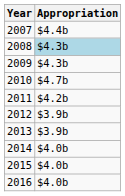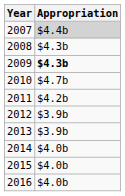 <table class="wikitable floatright">
 <tr>
 <th>Year</th>
 <th>Appropriation</th>
 </tr>
 <tr>
 <td>2007</td>
-<td>$4.4b</td>
+<td style="background: lightgrey;">$4.4b</td>
 </tr>
 <tr>
 <td>2008</td>
-<td style="background: lightblue;">$4.3b</td>
+<td>$4.3b</td>
 </tr>
 <tr>
 <td>2009</td>
-<td>$4.3b</td>
+<td><strong>$4.3b</strong></td>
 </tr>
 <tr>
 <td>2010</td>
 <td>$4.7b</td>
 </tr>
 <tr>
 <td>2011</td>
 <td>$4.2b</td>
 </tr>
 <tr>
 <td>2012</td>
 <td>$3.9b</td>
 </tr>
 <tr>
 <td>2013</td>
 <td>$3.9b</td>
 </tr>
 <tr>
 <td>2014</td>
 <td>$4.0b</td>
 </tr>
 <tr>
 <td>2015</td>
 <td>$4.0b</td>
 </tr>
 <tr>
 <td>2016</td>
 <td>$4.0b</td>
 </tr>
 </table>
